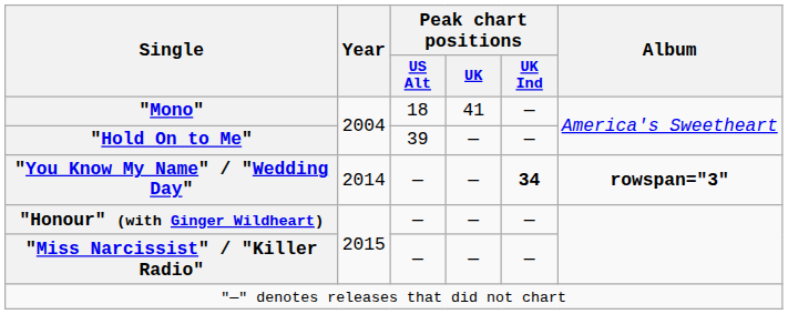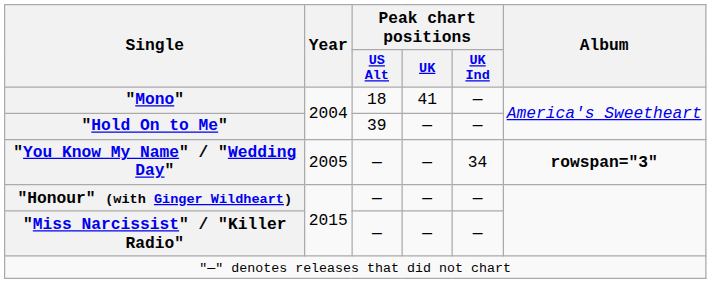 <table class="wikitable plainrowheaders" style="text-align:center;">
 <tr>
 <th rowspan="2" style="width:18em;">Single</th>
 <th rowspan="2">Year</th>
 <th colspan="3">Peak chart<br>positions</th>
 <th rowspan="2">Album</th>
 </tr>
 <tr style="font-size:smaller;">
 <th style="width:35px;"><a href='#'>US<br>Alt</a><br></th>
 <th style="width:35px;"><a href='#'>UK</a><br></th>
 <th style="width:35px;"><a href='#'>UK<br>Ind</a><br></th>
 </tr>
 <tr>
 <th scope="row">"<a href='#'>Mono</a>"</th>
 <td rowspan="2">2004</td>
 <td>18</td>
 <td>41</td>
 <td>—</td>
 <td rowspan="2"><em><a href='#'>America's Sweetheart</a></em></td>
 </tr>
 <tr>
 <th scope="row">"<a href='#'>Hold On to Me</a>"</th>
 <td>39</td>
 <td>—</td>
 <td>—</td>
 </tr>
 <tr>
 <th scope="row">"<a href='#'>You Know My Name</a>" / "<a href='#'>Wedding Day</a>"</th>
-<td>2014</td>
+<td>2005</td>
 <td>—</td>
 <td>—</td>
-<td><strong>34</strong></td>
+<td>34</td>
 <td><strong>rowspan="3" </strong></td>
 </tr>
 <tr>
 <th scope="row">"Honour" <small>(with <a href='#'>Ginger Wildheart</a>)</small></th>
 <td rowspan="2">2015</td>
 <td>—</td>
 <td>—</td>
 <td>—</td>
 </tr>
 <tr>
 <th scope="row">"<a href='#'>Miss Narcissist</a>" / "Killer Radio"</th>
 <td>—</td>
 <td>—</td>
 <td>—</td>
 </tr>
 <tr>
 <td colspan="10" style="font-size:8pt">"—" denotes releases that did not chart</td>
 </tr>
 </table>
